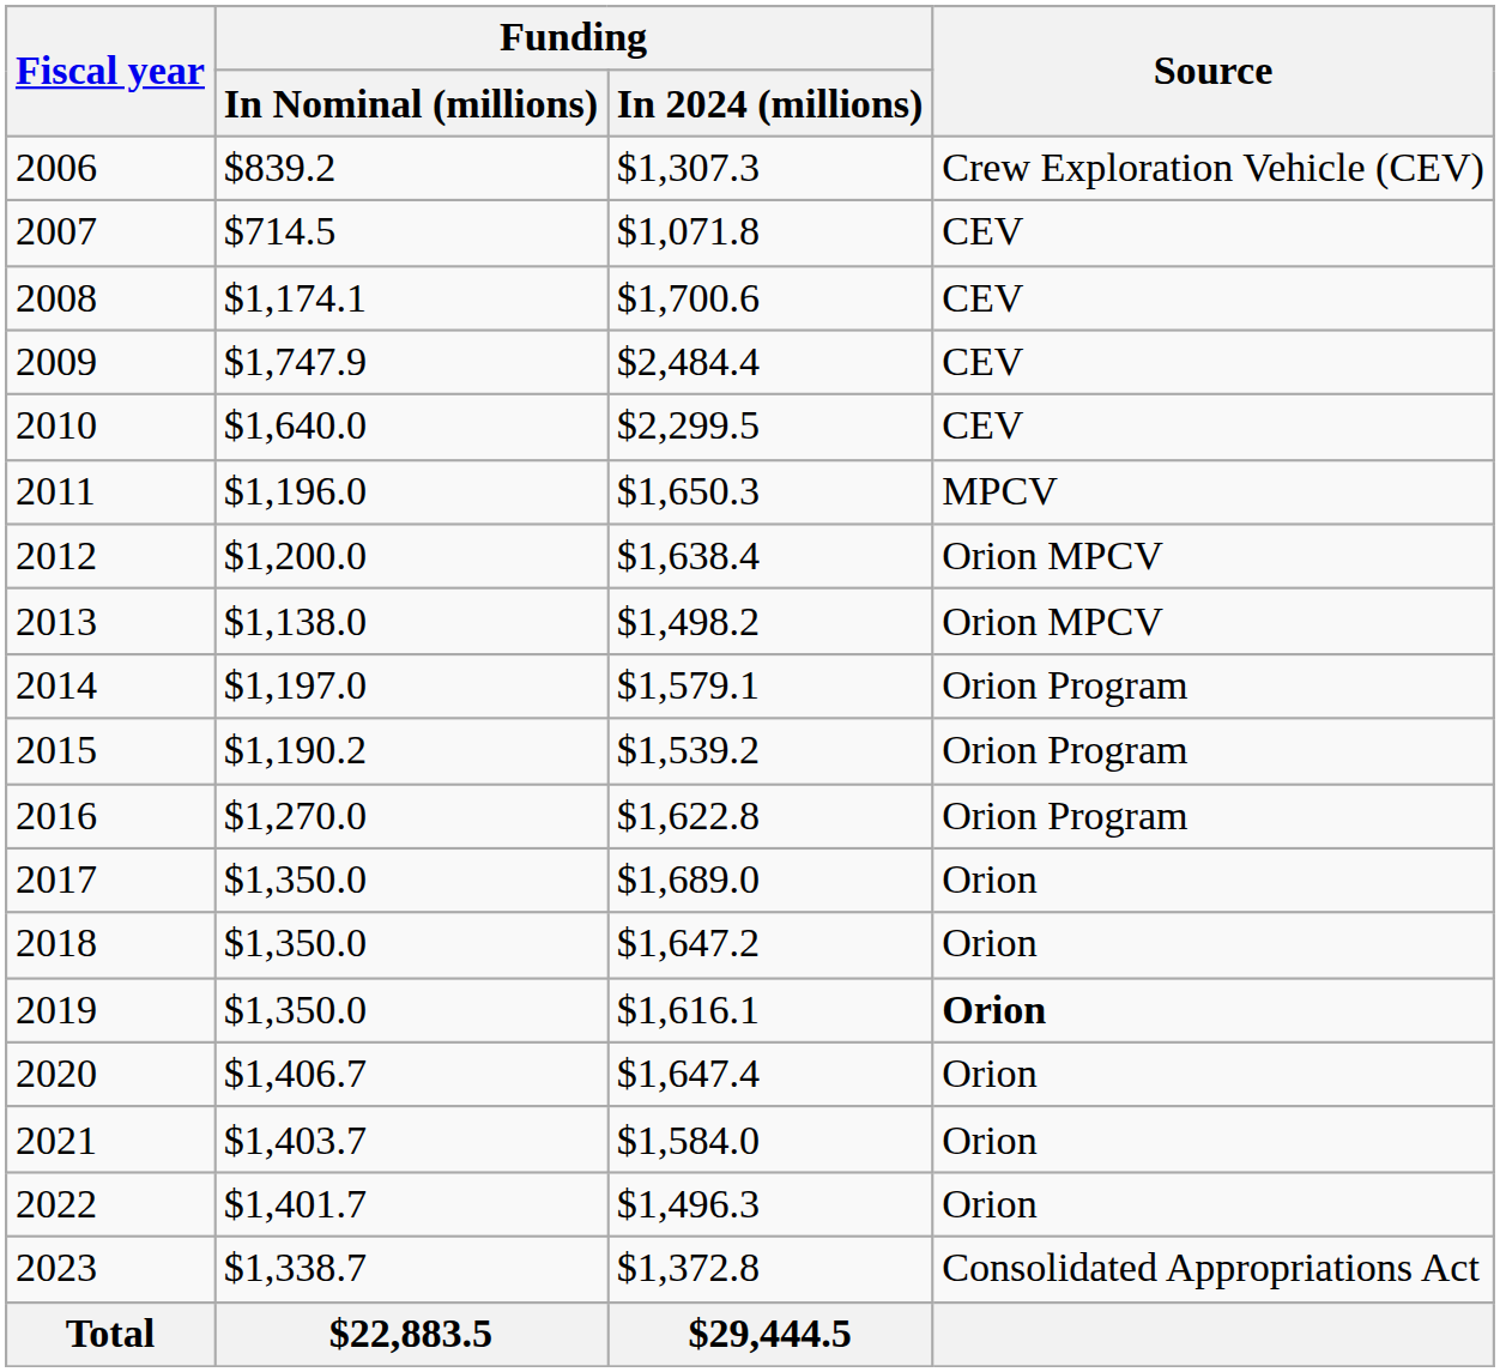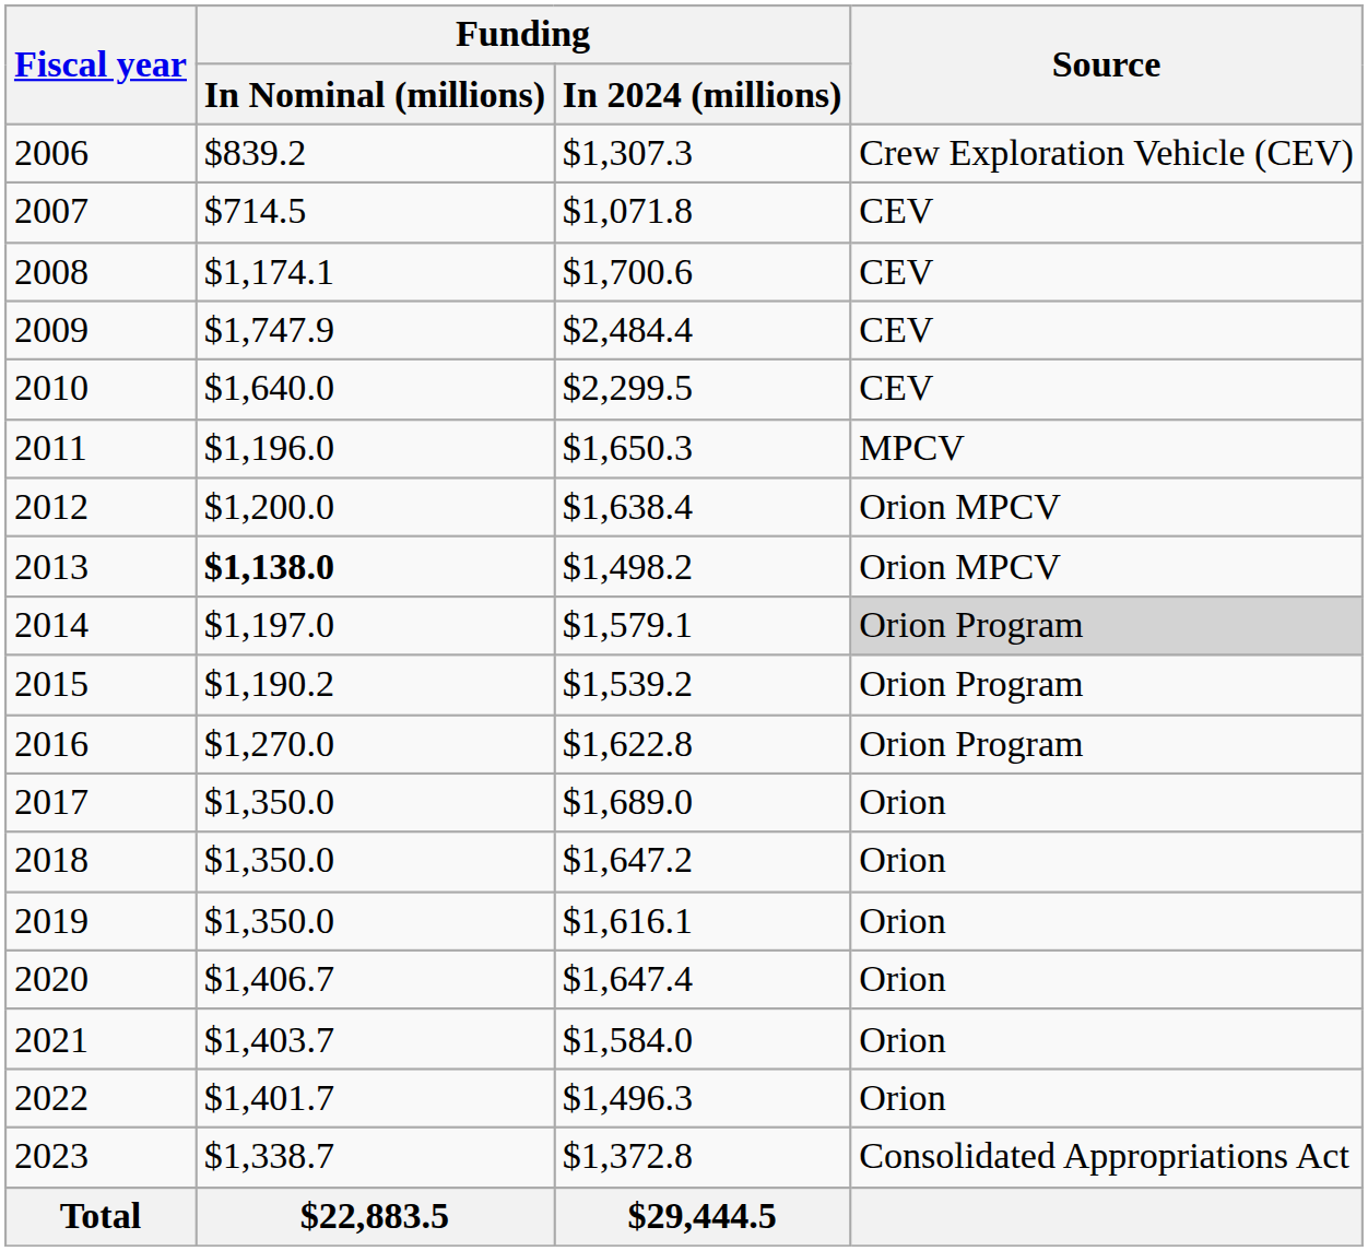 <table class="wikitable">
 <tr>
 <th rowspan="2"><a href='#'>Fiscal year</a></th>
 <th colspan="2">Funding</th>
 <th rowspan="2">Source</th>
 </tr>
 <tr>
 <th>In Nominal (millions)</th>
 <th>In 2024 (millions)</th>
 </tr>
 <tr>
 <td>2006</td>
 <td>$839.2</td>
 <td>$1,307.3</td>
 <td>Crew Exploration Vehicle (CEV)</td>
 </tr>
 <tr>
 <td>2007</td>
 <td>$714.5</td>
 <td>$1,071.8</td>
 <td>CEV</td>
 </tr>
 <tr>
 <td>2008</td>
 <td>$1,174.1</td>
 <td>$1,700.6</td>
 <td>CEV</td>
 </tr>
 <tr>
 <td>2009</td>
 <td>$1,747.9</td>
 <td>$2,484.4</td>
 <td>CEV</td>
 </tr>
 <tr>
 <td>2010</td>
 <td>$1,640.0</td>
 <td>$2,299.5</td>
 <td>CEV</td>
 </tr>
 <tr>
 <td>2011</td>
 <td>$1,196.0</td>
 <td>$1,650.3</td>
 <td>MPCV</td>
 </tr>
 <tr>
 <td>2012</td>
 <td>$1,200.0</td>
 <td>$1,638.4</td>
 <td>Orion MPCV</td>
 </tr>
 <tr>
 <td>2013</td>
-<td>$1,138.0</td>
+<td><strong>$1,138.0</strong></td>
 <td>$1,498.2</td>
 <td>Orion MPCV</td>
 </tr>
 <tr>
 <td>2014</td>
 <td>$1,197.0</td>
 <td>$1,579.1</td>
-<td>Orion Program</td>
+<td style="background: lightgrey;">Orion Program</td>
 </tr>
 <tr>
 <td>2015</td>
 <td>$1,190.2</td>
 <td>$1,539.2</td>
 <td>Orion Program</td>
 </tr>
 <tr>
 <td>2016</td>
 <td>$1,270.0</td>
 <td>$1,622.8</td>
 <td>Orion Program</td>
 </tr>
 <tr>
 <td>2017</td>
 <td>$1,350.0</td>
 <td>$1,689.0</td>
 <td>Orion</td>
 </tr>
 <tr>
 <td>2018</td>
 <td>$1,350.0</td>
 <td>$1,647.2</td>
 <td>Orion</td>
 </tr>
 <tr>
 <td>2019</td>
 <td>$1,350.0</td>
 <td>$1,616.1</td>
-<td><strong>Orion</strong></td>
+<td>Orion</td>
 </tr>
 <tr>
 <td>2020</td>
 <td>$1,406.7</td>
 <td>$1,647.4</td>
 <td>Orion</td>
 </tr>
 <tr>
 <td>2021</td>
 <td>$1,403.7</td>
 <td>$1,584.0</td>
 <td>Orion</td>
 </tr>
 <tr>
 <td>2022</td>
 <td>$1,401.7</td>
 <td>$1,496.3</td>
 <td>Orion</td>
 </tr>
 <tr>
 <td>2023</td>
 <td>$1,338.7</td>
 <td>$1,372.8</td>
 <td>Consolidated Appropriations Act</td>
 </tr>
 <tr>
 <th>Total</th>
 <th>$22,883.5</th>
 <th>$29,444.5</th>
 <th></th>
 </tr>
 </table>
